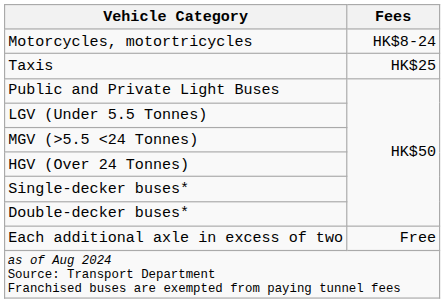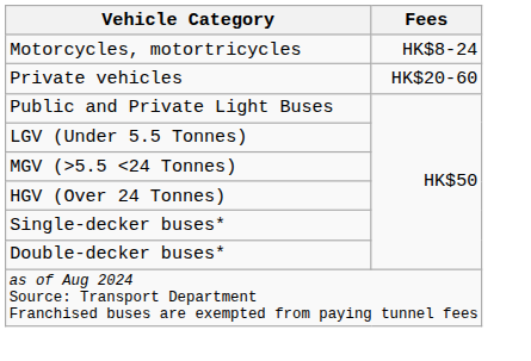 <table class="wikitable">
 <tr>
 <th>Vehicle Category</th>
 <th width="74">Fees</th>
 </tr>
 <tr>
 <td height="13" valign="bottom">Motorcycles, motortricycles</td>
 <td align="right" valign="bottom">HK$8-24</td>
 </tr>
 <tr>
-<td height="13" valign="bottom">Taxis</td>
-<td align="right" valign="bottom">HK$25</td>
+<td style="text-decoration:none" height="13" valign="bottom">Private vehicles</td>
+<td align="right" valign="bottom">HK$20-60</td>
 </tr>
 <tr>
 <td height="13" valign="bottom">Public and Private Light Buses</td>
 <td rowspan="6" align="right" valign="centre">HK$50</td>
 </tr>
 <tr>
 <td height="13" valign="bottom">LGV (Under 5.5 Tonnes)</td>
 </tr>
 <tr>
 <td height="13" valign="bottom">MGV (>5.5 <24 Tonnes)</td>
 </tr>
 <tr>
 <td height="13" valign="bottom">HGV (Over 24 Tonnes)</td>
 </tr>
 <tr>
 <td height="13" valign="bottom">Single-decker buses*</td>
 </tr>
 <tr>
 <td height="13" valign="bottom">Double-decker buses*</td>
 </tr>
-<tr>
-<td height="13" valign="bottom">Each additional axle in excess of two</td>
-<td align="right" valign="bottom">Free</td>
-</tr>
 <tr valign="bottom">
 <td colspan="2" style="font-size:8pt" height="13"><em>as of Aug 2024</em><br>Source: Transport Department<br>Franchised buses are exempted from paying tunnel fees</td>
 </tr>
 </table>
